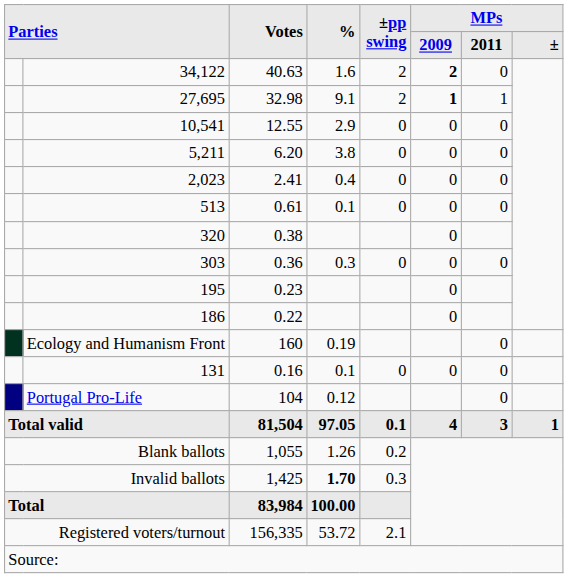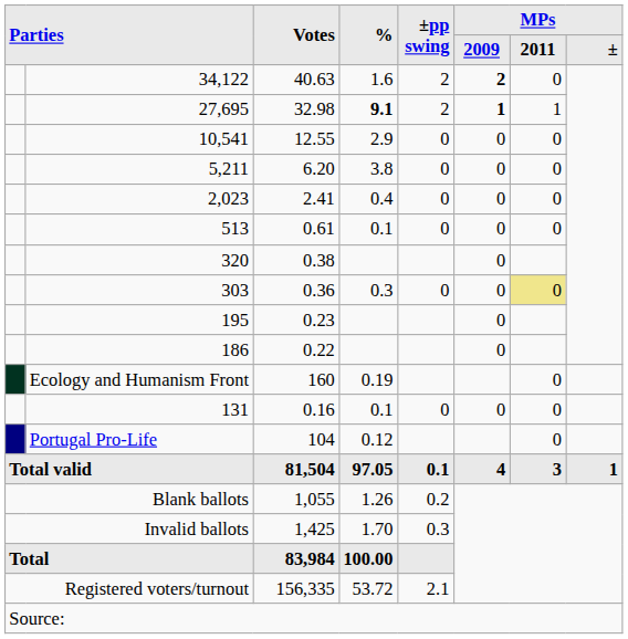 <table class="wikitable" style="text-align:right; font-size:95%;">
 <tr>
 <th rowspan="2" colspan="2" style="background:#e9e9e9; text-align:left;" alignleft><a href='#'>Parties</a></th>
 <th rowspan="2" style="background:#e9e9e9; text-align:right;">Votes</th>
 <th rowspan="2" style="background:#e9e9e9; text-align:right;">%</th>
 <th rowspan="2" style="background:#e9e9e9; text-align:right;">±<a href='#'>pp</a> <a href='#'>swing</a></th>
 <th colspan="3" style="background:#e9e9e9; text-align:center;"><a href='#'>MPs</a></th>
 </tr>
 <tr style="background-color:#E9E9E9">
 <th style="background-color:#E9E9E9;text-align:center;"><a href='#'>2009</a></th>
 <th style="background-color:#E9E9E9;text-align:center;">2011</th>
 <th style="background:#e9e9e9; text-align:right;">±</th>
 </tr>
 <tr>
 <td></td>
 <td>34,122</td>
 <td>40.63</td>
 <td>1.6</td>
 <td>2</td>
 <td><strong>2</strong></td>
 <td>0</td>
 </tr>
 <tr>
 <td></td>
 <td>27,695</td>
 <td>32.98</td>
-<td>9.1</td>
+<td><strong>9.1</strong></td>
 <td>2</td>
 <td><strong>1</strong></td>
 <td>1</td>
 </tr>
 <tr>
 <td></td>
 <td>10,541</td>
 <td>12.55</td>
 <td>2.9</td>
 <td>0</td>
 <td>0</td>
 <td>0</td>
 </tr>
 <tr>
 <td></td>
 <td>5,211</td>
 <td>6.20</td>
 <td>3.8</td>
 <td>0</td>
 <td>0</td>
 <td>0</td>
 </tr>
 <tr>
 <td></td>
 <td>2,023</td>
 <td>2.41</td>
 <td>0.4</td>
 <td>0</td>
 <td>0</td>
 <td>0</td>
 </tr>
 <tr>
 <td></td>
 <td>513</td>
 <td>0.61</td>
 <td>0.1</td>
 <td>0</td>
 <td>0</td>
 <td>0</td>
 </tr>
 <tr>
 <td></td>
 <td>320</td>
 <td>0.38</td>
 <td></td>
 <td></td>
 <td>0</td>
 <td></td>
 </tr>
 <tr>
 <td></td>
 <td>303</td>
 <td>0.36</td>
 <td>0.3</td>
 <td>0</td>
 <td>0</td>
-<td>0</td>
+<td style="background: khaki;">0</td>
 </tr>
 <tr>
 <td></td>
 <td>195</td>
 <td>0.23</td>
 <td></td>
 <td></td>
 <td>0</td>
 <td></td>
 </tr>
 <tr>
 <td></td>
 <td>186</td>
 <td>0.22</td>
 <td></td>
 <td></td>
 <td>0</td>
 <td></td>
 </tr>
 <tr>
 <td style="width:10px;background-color:#013220;text-align:center;"></td>
 <td style="text-align:left;">Ecology and Humanism Front </td>
 <td>160</td>
 <td>0.19</td>
 <td></td>
 <td></td>
 <td>0</td>
 <td></td>
 </tr>
 <tr>
 <td></td>
 <td>131</td>
 <td>0.16</td>
 <td>0.1</td>
 <td>0</td>
 <td>0</td>
 <td>0</td>
 </tr>
 <tr>
 <td style="width:10px;background-color:#000080;text-align:center;"></td>
 <td style="text-align:left;"><a href='#'>Portugal Pro-Life</a></td>
 <td>104</td>
 <td>0.12</td>
 <td></td>
 <td></td>
 <td>0</td>
 <td></td>
 </tr>
 <tr>
 <td colspan=2 align=left style="background-color:#E9E9E9"><strong>Total valid</strong></td>
 <td width="65" align="right" style="background-color:#E9E9E9"><strong>81,504</strong></td>
 <td width="40" align="right" style="background-color:#E9E9E9"><strong>97.05</strong></td>
 <td width="40" align="right" style="background-color:#E9E9E9"><strong>0.1</strong></td>
 <td width="40" align="right" style="background-color:#E9E9E9"><strong>4</strong></td>
 <td width="40" align="right" style="background-color:#E9E9E9"><strong>3</strong></td>
 <td width="40" align="right" style="background-color:#E9E9E9"><strong>1</strong></td>
 </tr>
 <tr>
 <td colspan=2>Blank ballots</td>
 <td>1,055</td>
 <td>1.26</td>
 <td>0.2</td>
 <td colspan=4 rowspan=4></td>
 </tr>
 <tr>
 <td colspan=2>Invalid ballots</td>
 <td>1,425</td>
-<td><strong>1.70</strong></td>
+<td>1.70</td>
 <td>0.3</td>
 </tr>
 <tr>
 <td colspan=2 align=left style="background-color:#E9E9E9"><strong>Total</strong></td>
 <td width="50" align="right" style="background-color:#E9E9E9"><strong>83,984</strong></td>
 <td width="40" align="right" style="background-color:#E9E9E9"><strong>100.00</strong></td>
 <td width="40" align="right" style="background-color:#E9E9E9"></td>
 </tr>
 <tr>
 <td colspan=2>Registered voters/turnout</td>
 <td>156,335</td>
 <td>53.72</td>
 <td>2.1</td>
 </tr>
 <tr>
 <td colspan=11 align=left>Source: </td>
 </tr>
 </table>
